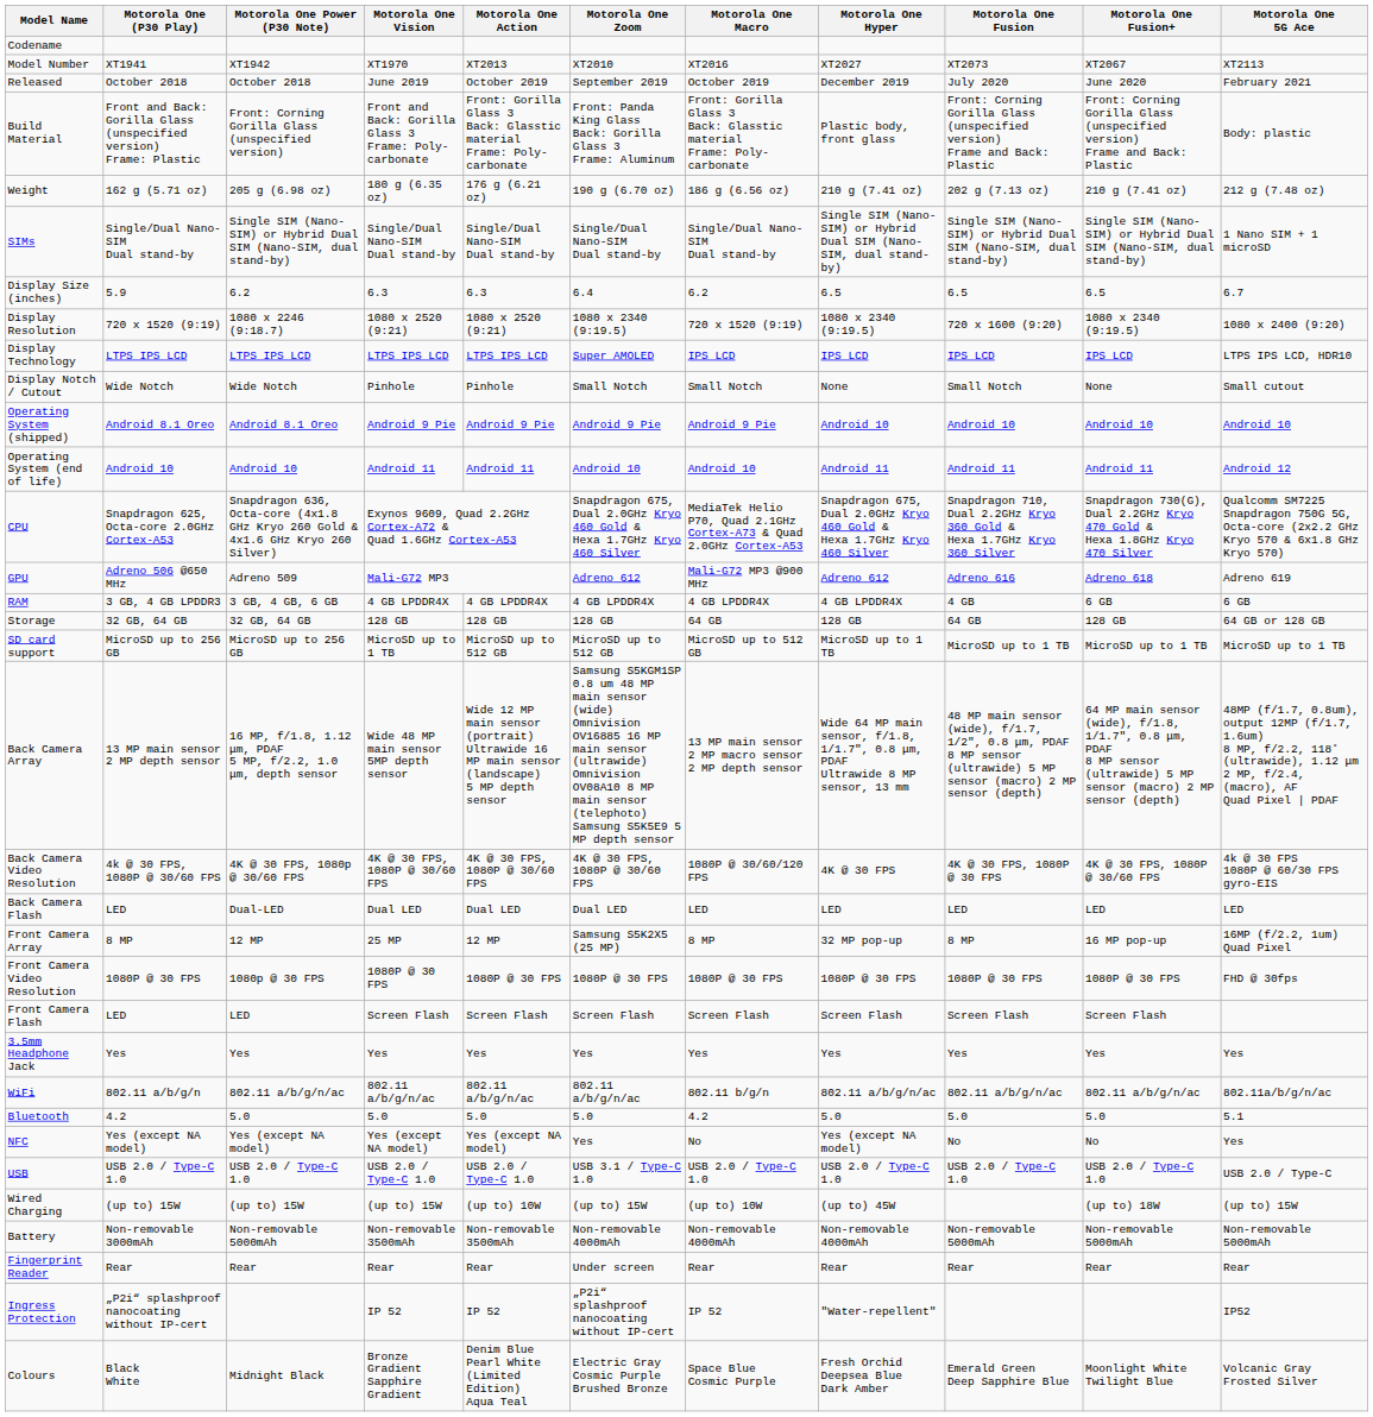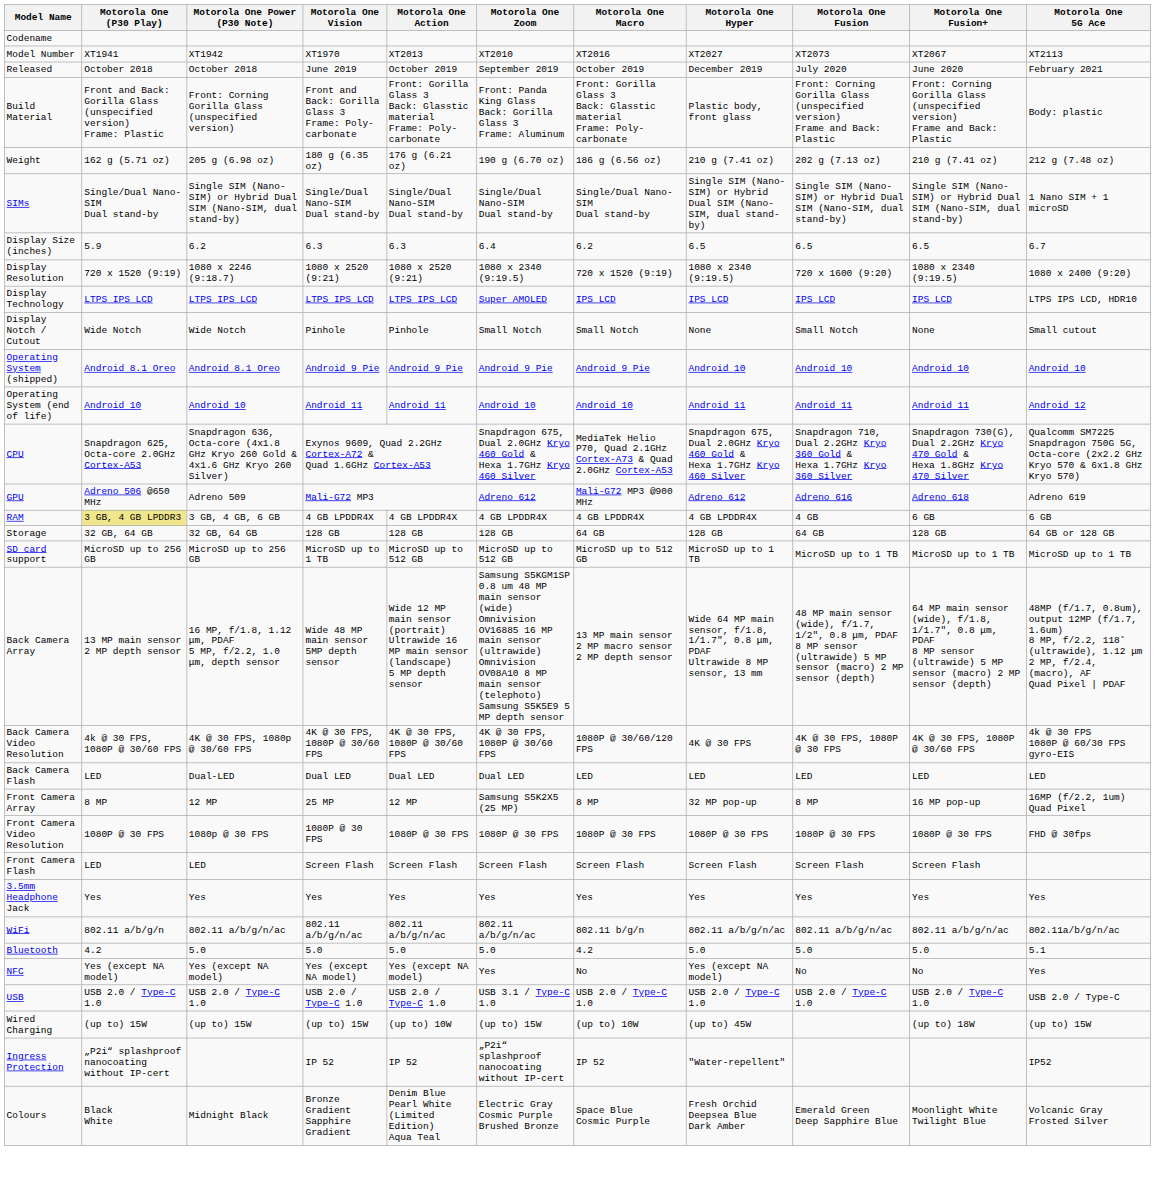 <table class="wikitable">
 <tr>
 <th>Model Name</th>
 <th>Motorola One<br>(P30 Play)</th>
 <th>Motorola One Power<br>(P30 Note)</th>
 <th>Motorola One<br>Vision</th>
 <th>Motorola One<br>Action</th>
 <th>Motorola One<br>Zoom</th>
 <th>Motorola One<br>Macro</th>
 <th>Motorola One<br>Hyper</th>
 <th>Motorola One<br>Fusion</th>
 <th>Motorola One<br>Fusion+</th>
 <th>Motorola One<br>5G Ace</th>
 </tr>
 <tr>
 <td>Codename</td>
 <td></td>
 <td></td>
 <td></td>
 <td></td>
 <td></td>
 <td></td>
 <td></td>
 <td></td>
 <td></td>
 <td></td>
 </tr>
 <tr>
 <td>Model Number</td>
 <td>XT1941</td>
 <td>XT1942</td>
 <td>XT1970</td>
 <td>XT2013</td>
 <td>XT2010</td>
 <td>XT2016</td>
 <td>XT2027</td>
 <td>XT2073</td>
 <td>XT2067</td>
 <td>XT2113</td>
 </tr>
 <tr>
 <td>Released</td>
 <td>October 2018</td>
 <td>October 2018</td>
 <td>June 2019</td>
 <td>October 2019</td>
 <td>September 2019</td>
 <td>October 2019</td>
 <td>December 2019</td>
 <td>July 2020</td>
 <td>June 2020</td>
 <td>February 2021</td>
 </tr>
 <tr>
 <td>Build Material</td>
 <td>Front and Back: Gorilla Glass (unspecified version)<br>Frame: Plastic</td>
 <td>Front: Corning Gorilla Glass (unspecified version)</td>
 <td>Front and Back: Gorilla Glass 3<br>Frame: Poly-carbonate</td>
 <td>Front: Gorilla Glass 3<br>Back: Glasstic material<br>Frame: Poly-carbonate</td>
 <td>Front: Panda King Glass<br>Back: Gorilla Glass 3<br>Frame: Aluminum</td>
 <td>Front: Gorilla Glass 3<br>Back: Glasstic material<br>Frame: Poly-carbonate</td>
 <td>Plastic body, front glass</td>
 <td>Front: Corning Gorilla Glass (unspecified version)<br>Frame and Back: Plastic</td>
 <td>Front: Corning Gorilla Glass (unspecified version)<br>Frame and Back: Plastic</td>
 <td>Body: plastic</td>
 </tr>
 <tr>
 <td>Weight</td>
 <td>162 g (5.71 oz)</td>
 <td>205 g (6.98 oz)</td>
 <td>180 g (6.35 oz)</td>
 <td>176 g (6.21 oz)</td>
 <td>190 g (6.70 oz)</td>
 <td>186 g (6.56 oz)</td>
 <td>210 g (7.41 oz)</td>
 <td>202 g (7.13 oz)</td>
 <td>210 g (7.41 oz)</td>
 <td>212 g (7.48 oz)</td>
 </tr>
 <tr>
 <td><a href='#'>SIMs</a></td>
 <td>Single/Dual Nano-SIM<br>Dual stand-by</td>
 <td>Single SIM (Nano-SIM) or Hybrid Dual SIM (Nano-SIM, dual stand-by)</td>
 <td>Single/Dual Nano-SIM<br>Dual stand-by</td>
 <td>Single/Dual Nano-SIM<br>Dual stand-by</td>
 <td>Single/Dual Nano-SIM<br>Dual stand-by</td>
 <td>Single/Dual Nano-SIM<br>Dual stand-by</td>
 <td>Single SIM (Nano-SIM) or Hybrid Dual SIM (Nano-SIM, dual stand-by)</td>
 <td>Single SIM (Nano-SIM) or Hybrid Dual SIM (Nano-SIM, dual stand-by)</td>
 <td>Single SIM (Nano-SIM) or Hybrid Dual SIM (Nano-SIM, dual stand-by)</td>
 <td>1 Nano SIM + 1 microSD</td>
 </tr>
 <tr>
 <td>Display Size (inches)</td>
 <td>5.9</td>
 <td>6.2</td>
 <td>6.3</td>
 <td>6.3</td>
 <td>6.4</td>
 <td>6.2</td>
 <td>6.5</td>
 <td>6.5</td>
 <td>6.5</td>
 <td>6.7</td>
 </tr>
 <tr>
 <td>Display Resolution</td>
 <td>720 x 1520 (9:19)</td>
 <td>1080 x 2246 (9:18.7)</td>
 <td>1080 x 2520 (9:21)</td>
 <td>1080 x 2520 (9:21)</td>
 <td>1080 x 2340 (9:19.5)</td>
 <td>720 x 1520 (9:19)</td>
 <td>1080 x 2340 (9:19.5)</td>
 <td>720 x 1600 (9:20)</td>
 <td>1080 x 2340 (9:19.5)</td>
 <td>1080 x 2400 (9:20)</td>
 </tr>
 <tr>
 <td>Display Technology</td>
 <td><a href='#'>LTPS IPS LCD</a></td>
 <td><a href='#'>LTPS IPS LCD</a></td>
 <td><a href='#'>LTPS IPS LCD</a></td>
 <td><a href='#'>LTPS IPS LCD</a></td>
 <td><a href='#'>Super AMOLED</a></td>
 <td><a href='#'>IPS LCD</a></td>
 <td><a href='#'>IPS LCD</a></td>
 <td><a href='#'>IPS LCD</a></td>
 <td><a href='#'>IPS LCD</a></td>
 <td>LTPS IPS LCD, HDR10</td>
 </tr>
 <tr>
 <td>Display Notch / Cutout</td>
 <td>Wide Notch</td>
 <td>Wide Notch</td>
 <td>Pinhole</td>
 <td>Pinhole</td>
 <td>Small Notch</td>
 <td>Small Notch</td>
 <td>None</td>
 <td>Small Notch</td>
 <td>None</td>
 <td>Small cutout</td>
 </tr>
 <tr>
 <td><a href='#'>Operating System</a> (shipped)</td>
 <td><a href='#'>Android 8.1 Oreo</a></td>
 <td><a href='#'>Android 8.1 Oreo</a></td>
 <td><a href='#'>Android 9 Pie</a></td>
 <td><a href='#'>Android 9 Pie</a></td>
 <td><a href='#'>Android 9 Pie</a></td>
 <td><a href='#'>Android 9 Pie</a></td>
 <td><a href='#'>Android 10</a></td>
 <td><a href='#'>Android 10</a></td>
 <td><a href='#'>Android 10</a></td>
 <td><a href='#'>Android 10</a></td>
 </tr>
 <tr>
 <td>Operating System (end of life)</td>
 <td><a href='#'>Android 10</a></td>
 <td><a href='#'>Android 10</a></td>
 <td><a href='#'>Android 11</a></td>
 <td><a href='#'>Android 11</a></td>
 <td><a href='#'>Android 10</a></td>
 <td><a href='#'>Android 10</a></td>
 <td><a href='#'>Android 11</a></td>
 <td><a href='#'>Android 11</a></td>
 <td><a href='#'>Android 11</a></td>
 <td><a href='#'>Android 12</a></td>
 </tr>
 <tr>
 <td><a href='#'>CPU</a></td>
 <td>Snapdragon 625, Octa-core 2.0GHz <a href='#'>Cortex-A53</a></td>
 <td>Snapdragon 636,<br>Octa-core (4x1.8 GHz Kryo 260 Gold & 4x1.6 GHz Kryo 260 Silver)</td>
 <td colspan="2">Exynos 9609, Quad 2.2GHz <a href='#'>Cortex-A72</a> &<br>Quad 1.6GHz <a href='#'>Cortex-A53</a></td>
 <td>Snapdragon 675, Dual 2.0GHz <a href='#'>Kryo 460 Gold</a> &<br>Hexa 1.7GHz <a href='#'>Kryo 460 Silver</a></td>
 <td>MediaTek Helio P70, Quad 2.1GHz <a href='#'>Cortex-A73</a> & Quad 2.0GHz <a href='#'>Cortex-A53</a></td>
 <td>Snapdragon 675, Dual 2.0GHz <a href='#'>Kryo 460 Gold</a> &<br>Hexa 1.7GHz <a href='#'>Kryo 460 Silver</a></td>
 <td>Snapdragon 710, Dual 2.2GHz <a href='#'>Kryo 360 Gold</a> &<br>Hexa 1.7GHz <a href='#'>Kryo 360 Silver</a></td>
 <td>Snapdragon 730(G), Dual 2.2GHz <a href='#'>Kryo 470 Gold</a> &<br>Hexa 1.8GHz <a href='#'>Kryo 470 Silver</a></td>
 <td>Qualcomm SM7225 Snapdragon 750G 5G,<br>Octa-core (2x2.2 GHz Kryo 570 & 6x1.8 GHz Kryo 570)</td>
 </tr>
 <tr>
 <td><a href='#'>GPU</a></td>
 <td><a href='#'>Adreno 506</a> @650 MHz</td>
 <td>Adreno 509</td>
 <td colspan="2"><a href='#'>Mali-G72</a> MP3</td>
 <td><a href='#'>Adreno 612</a></td>
 <td><a href='#'>Mali-G72</a> MP3 @900 MHz</td>
 <td><a href='#'>Adreno 612</a></td>
 <td><a href='#'>Adreno 616</a></td>
 <td><a href='#'>Adreno 618</a></td>
 <td>Adreno 619</td>
 </tr>
 <tr>
 <td><a href='#'>RAM</a></td>
-<td>3 GB, 4 GB LPDDR3</td>
+<td style="background: khaki;">3 GB, 4 GB LPDDR3</td>
 <td>3 GB, 4 GB, 6 GB</td>
 <td>4 GB LPDDR4X</td>
 <td>4 GB LPDDR4X</td>
 <td>4 GB LPDDR4X</td>
 <td>4 GB LPDDR4X</td>
 <td>4 GB LPDDR4X</td>
 <td>4 GB</td>
 <td>6 GB</td>
 <td>6 GB</td>
 </tr>
 <tr>
 <td>Storage</td>
 <td>32 GB, 64 GB</td>
 <td>32 GB, 64 GB</td>
 <td>128 GB</td>
 <td>128 GB</td>
 <td>128 GB</td>
 <td>64 GB</td>
 <td>128 GB</td>
 <td>64 GB</td>
 <td>128 GB</td>
 <td>64 GB or 128 GB</td>
 </tr>
 <tr>
 <td><a href='#'>SD card</a> support</td>
 <td>MicroSD up to 256 GB</td>
 <td>MicroSD up to 256 GB</td>
 <td>MicroSD up to 1 TB</td>
 <td>MicroSD up to 512 GB</td>
 <td>MicroSD up to 512 GB</td>
 <td>MicroSD up to 512 GB</td>
 <td>MicroSD up to 1 TB</td>
 <td>MicroSD up to 1 TB</td>
 <td>MicroSD up to 1 TB</td>
 <td>MicroSD up to 1 TB</td>
 </tr>
 <tr>
 <td>Back Camera Array</td>
 <td>13 MP main sensor<br>2 MP depth sensor</td>
 <td>16 MP, f/1.8, 1.12 μm, PDAF<br>5 MP, f/2.2, 1.0 μm, depth sensor</td>
 <td>Wide 48 MP main sensor<br>5MP depth sensor</td>
 <td>Wide 12 MP main sensor (portrait)<br>Ultrawide 16 MP main sensor (landscape)<br>5 MP depth sensor</td>
 <td>Samsung S5KGM1SP 0.8 um 48 MP main sensor (wide)<br>Omnivision OV16885 16 MP main sensor (ultrawide)<br>Omnivision OV08A10 8 MP main sensor (telephoto)<br>Samsung S5K5E9 5 MP depth sensor</td>
 <td>13 MP main sensor<br>2 MP macro sensor<br>2 MP depth sensor</td>
 <td>Wide 64 MP main sensor, f/1.8, 1/1.7", 0.8 μm, PDAF<br>Ultrawide 8 MP sensor, 13 mm</td>
 <td>48 MP main sensor (wide), f/1.7, 1/2", 0.8 μm, PDAF<br>8 MP sensor (ultrawide) 5 MP sensor (macro) 2 MP sensor (depth)</td>
 <td>64 MP main sensor (wide), f/1.8, 1/1.7", 0.8 μm, PDAF<br>8 MP sensor (ultrawide) 5 MP sensor (macro) 2 MP sensor (depth)</td>
 <td>48MP (f/1.7, 0.8um),<br>output 12MP (f/1.7, 1.6um)<br>8 MP, f/2.2, 118˚ (ultrawide), 1.12 μm<br>2 MP, f/2.4, (macro), AF<br>Quad Pixel | PDAF</td>
 </tr>
 <tr>
 <td>Back Camera Video Resolution</td>
 <td>4k @ 30 FPS, 1080P @ 30/60 FPS</td>
 <td>4K @ 30 FPS, 1080p @ 30/60 FPS</td>
 <td>4K @ 30 FPS, 1080P @ 30/60 FPS</td>
 <td>4K @ 30 FPS, 1080P @ 30/60 FPS</td>
 <td>4K @ 30 FPS, 1080P @ 30/60 FPS</td>
 <td>1080P @ 30/60/120 FPS</td>
 <td>4K @ 30 FPS</td>
 <td>4K @ 30 FPS, 1080P @ 30 FPS</td>
 <td>4K @ 30 FPS, 1080P @ 30/60 FPS</td>
 <td>4k @ 30 FPS<br>1080P @ 60/30 FPS<br>gyro-EIS</td>
 </tr>
 <tr>
 <td>Back Camera Flash</td>
 <td>LED</td>
 <td>Dual-LED</td>
 <td>Dual LED</td>
 <td>Dual LED</td>
 <td>Dual LED</td>
 <td>LED</td>
 <td>LED</td>
 <td>LED</td>
 <td>LED</td>
 <td>LED</td>
 </tr>
 <tr>
 <td>Front Camera Array</td>
 <td>8 MP</td>
 <td>12 MP</td>
 <td>25 MP</td>
 <td>12 MP</td>
 <td>Samsung S5K2X5 (25 MP)</td>
 <td>8 MP</td>
 <td>32 MP pop-up</td>
 <td>8 MP</td>
 <td>16 MP pop-up</td>
 <td>16MP (f/2.2, 1um)<br>Quad Pixel</td>
 </tr>
 <tr>
 <td>Front Camera Video Resolution</td>
 <td>1080P @ 30 FPS</td>
 <td>1080p @ 30 FPS</td>
 <td>1080P @ 30 FPS</td>
 <td>1080P @ 30 FPS</td>
 <td>1080P @ 30 FPS</td>
 <td>1080P @ 30 FPS</td>
 <td>1080P @ 30 FPS</td>
 <td>1080P @ 30 FPS</td>
 <td>1080P @ 30 FPS</td>
 <td>FHD @ 30fps</td>
 </tr>
 <tr>
 <td>Front Camera Flash</td>
 <td>LED</td>
 <td>LED</td>
 <td>Screen Flash</td>
 <td>Screen Flash</td>
 <td>Screen Flash</td>
 <td>Screen Flash</td>
 <td>Screen Flash</td>
 <td>Screen Flash</td>
 <td>Screen Flash</td>
 <td></td>
 </tr>
 <tr>
 <td><a href='#'>3.5mm Headphone</a> Jack</td>
 <td>Yes</td>
 <td>Yes</td>
 <td>Yes</td>
 <td>Yes</td>
 <td>Yes</td>
 <td>Yes</td>
 <td>Yes</td>
 <td>Yes</td>
 <td>Yes</td>
 <td>Yes</td>
 </tr>
 <tr>
 <td><a href='#'>WiFi</a></td>
 <td>802.11 a/b/g/n</td>
 <td>802.11 a/b/g/n/ac</td>
 <td>802.11 a/b/g/n/ac</td>
 <td>802.11 a/b/g/n/ac</td>
 <td>802.11 a/b/g/n/ac</td>
 <td>802.11 b/g/n</td>
 <td>802.11 a/b/g/n/ac</td>
 <td>802.11 a/b/g/n/ac</td>
 <td>802.11 a/b/g/n/ac</td>
 <td>802.11a/b/g/n/ac</td>
 </tr>
 <tr>
 <td><a href='#'>Bluetooth</a></td>
 <td>4.2</td>
 <td>5.0</td>
 <td>5.0</td>
 <td>5.0</td>
 <td>5.0</td>
 <td>4.2</td>
 <td>5.0</td>
 <td>5.0</td>
 <td>5.0</td>
 <td>5.1</td>
 </tr>
 <tr>
 <td><a href='#'>NFC</a></td>
 <td>Yes (except NA model)</td>
 <td>Yes (except NA model)</td>
 <td>Yes (except NA model)</td>
 <td>Yes (except NA model)</td>
 <td>Yes</td>
 <td>No</td>
 <td>Yes (except NA model)</td>
 <td>No</td>
 <td>No</td>
 <td>Yes</td>
 </tr>
 <tr>
 <td><a href='#'>USB</a></td>
 <td>USB 2.0 / <a href='#'>Type-C</a> 1.0</td>
 <td>USB 2.0 / <a href='#'>Type-C</a> 1.0</td>
 <td>USB 2.0 / <a href='#'>Type-C</a> 1.0</td>
 <td>USB 2.0 / <a href='#'>Type-C</a> 1.0</td>
 <td>USB 3.1 / <a href='#'>Type-C</a> 1.0</td>
 <td>USB 2.0 / <a href='#'>Type-C</a> 1.0</td>
 <td>USB 2.0 / <a href='#'>Type-C</a> 1.0</td>
 <td>USB 2.0 / <a href='#'>Type-C</a> 1.0</td>
 <td>USB 2.0 / <a href='#'>Type-C</a> 1.0</td>
 <td>USB 2.0 / Type-C</td>
 </tr>
 <tr>
 <td>Wired Charging</td>
 <td>(up to) 15W</td>
 <td>(up to) 15W</td>
 <td>(up to) 15W</td>
 <td>(up to) 10W</td>
 <td>(up to) 15W</td>
 <td>(up to) 10W</td>
 <td>(up to) 45W</td>
 <td></td>
 <td>(up to) 18W</td>
 <td>(up to) 15W</td>
 </tr>
 <tr>
-<td>Battery</td>
-<td>Non-removable 3000mAh</td>
-<td>Non-removable 5000mAh</td>
-<td>Non-removable 3500mAh</td>
-<td>Non-removable 3500mAh</td>
-<td>Non-removable 4000mAh</td>
-<td>Non-removable 4000mAh</td>
-<td>Non-removable 4000mAh</td>
-<td>Non-removable 5000mAh</td>
-<td>Non-removable 5000mAh</td>
-<td>Non-removable 5000mAh</td>
-</tr>
-<tr>
-<td><a href='#'>Fingerprint Reader</a></td>
-<td>Rear</td>
-<td>Rear</td>
-<td>Rear</td>
-<td>Rear</td>
-<td>Under screen</td>
-<td>Rear</td>
-<td>Rear</td>
-<td>Rear</td>
-<td>Rear</td>
-<td>Rear</td>
-</tr>
-<tr>
 <td><a href='#'>Ingress Protection</a></td>
 <td>„P2i“ splashproof nanocoating without IP-cert</td>
 <td></td>
 <td>IP 52</td>
 <td>IP 52</td>
 <td>„P2i“ splashproof nanocoating without IP-cert</td>
 <td>IP 52</td>
 <td>"Water-repellent"</td>
 <td></td>
 <td></td>
 <td>IP52</td>
 </tr>
 <tr>
 <td>Colours</td>
 <td>Black<br>White</td>
 <td>Midnight Black</td>
 <td>Bronze Gradient<br>Sapphire Gradient</td>
 <td>Denim Blue<br>Pearl White (Limited Edition)<br>Aqua Teal</td>
 <td>Electric Gray<br>Cosmic Purple<br>Brushed Bronze</td>
 <td>Space Blue<br>Cosmic Purple</td>
 <td>Fresh Orchid<br>Deepsea Blue<br>Dark Amber</td>
 <td>Emerald Green<br>Deep Sapphire Blue</td>
 <td>Moonlight White<br>Twilight Blue</td>
 <td>Volcanic Gray<br>Frosted Silver</td>
 </tr>
 </table>
